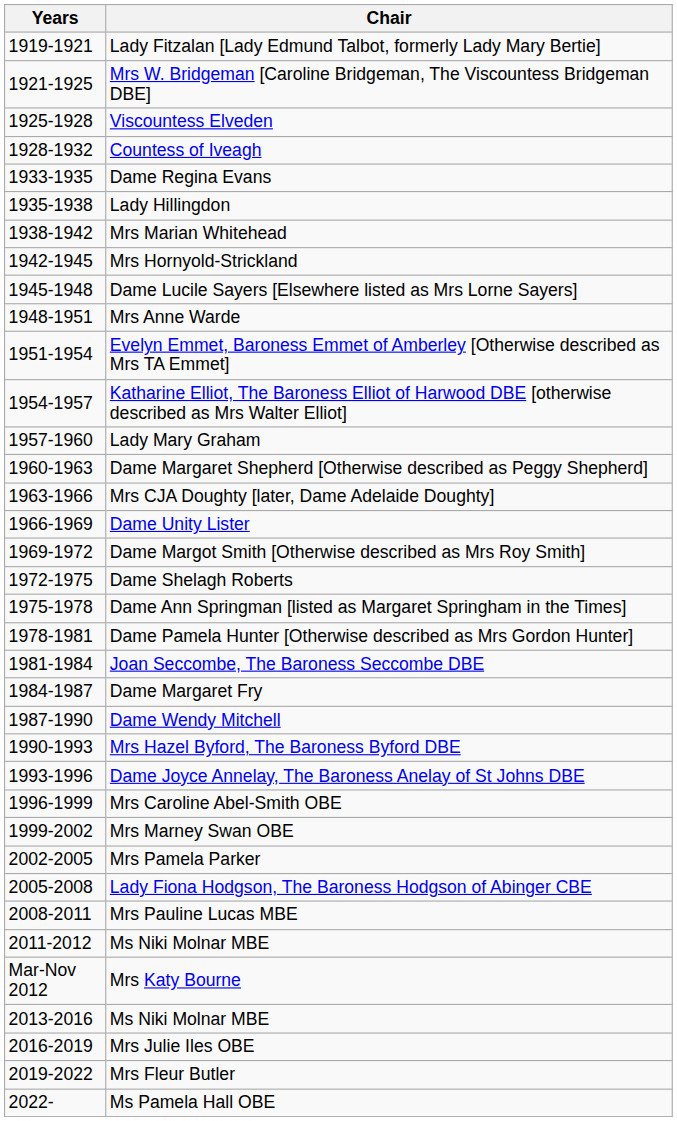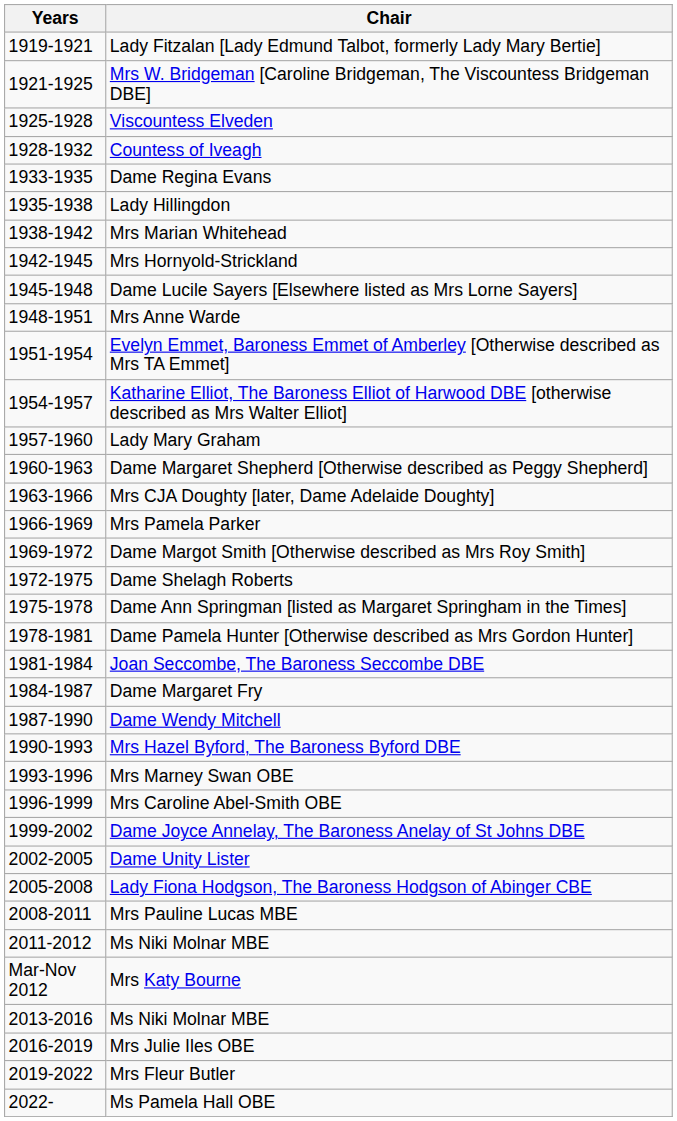 <table class="wikitable">
 <tr>
 <th>Years</th>
 <th>Chair</th>
 </tr>
 <tr>
 <td>1919-1921</td>
 <td>Lady Fitzalan [Lady Edmund Talbot, formerly Lady Mary Bertie]</td>
 </tr>
 <tr>
 <td>1921-1925</td>
 <td><a href='#'>Mrs W. Bridgeman</a> [Caroline Bridgeman, The Viscountess Bridgeman DBE]</td>
 </tr>
 <tr>
 <td>1925-1928</td>
 <td><a href='#'>Viscountess Elveden</a></td>
 </tr>
 <tr>
 <td>1928-1932</td>
 <td><a href='#'>Countess of Iveagh</a></td>
 </tr>
 <tr>
 <td>1933-1935</td>
 <td>Dame Regina Evans</td>
 </tr>
 <tr>
 <td>1935-1938</td>
 <td>Lady Hillingdon</td>
 </tr>
 <tr>
 <td>1938-1942</td>
 <td>Mrs Marian Whitehead</td>
 </tr>
 <tr>
 <td>1942-1945</td>
 <td>Mrs Hornyold-Strickland</td>
 </tr>
 <tr>
 <td>1945-1948</td>
 <td>Dame Lucile Sayers [Elsewhere listed as Mrs Lorne Sayers]</td>
 </tr>
 <tr>
 <td>1948-1951</td>
 <td>Mrs Anne Warde</td>
 </tr>
 <tr>
 <td>1951-1954</td>
 <td><a href='#'>Evelyn Emmet, Baroness Emmet of Amberley</a> [Otherwise described as Mrs TA Emmet]</td>
 </tr>
 <tr>
 <td>1954-1957</td>
 <td><a href='#'>Katharine Elliot, The Baroness Elliot of Harwood DBE</a> [otherwise described as Mrs Walter Elliot]</td>
 </tr>
 <tr>
 <td>1957-1960</td>
 <td>Lady Mary Graham</td>
 </tr>
 <tr>
 <td>1960-1963</td>
 <td>Dame Margaret Shepherd [Otherwise described as Peggy Shepherd]</td>
 </tr>
 <tr>
 <td>1963-1966</td>
 <td>Mrs CJA Doughty [later, Dame Adelaide Doughty]</td>
 </tr>
 <tr>
 <td>1966-1969</td>
-<td><a href='#'>Dame Unity Lister</a></td>
+<td>Mrs Pamela Parker</td>
 </tr>
 <tr>
 <td>1969-1972</td>
 <td>Dame Margot Smith [Otherwise described as Mrs Roy Smith]</td>
 </tr>
 <tr>
 <td>1972-1975</td>
 <td>Dame Shelagh Roberts</td>
 </tr>
 <tr>
 <td>1975-1978</td>
 <td>Dame Ann Springman [listed as Margaret Springham in the Times]</td>
 </tr>
 <tr>
 <td>1978-1981</td>
 <td>Dame Pamela Hunter [Otherwise described as Mrs Gordon Hunter]</td>
 </tr>
 <tr>
 <td>1981-1984</td>
 <td><a href='#'>Joan Seccombe, The Baroness Seccombe DBE</a></td>
 </tr>
 <tr>
 <td>1984-1987</td>
 <td>Dame Margaret Fry</td>
 </tr>
 <tr>
 <td>1987-1990</td>
 <td><a href='#'>Dame Wendy Mitchell</a></td>
 </tr>
 <tr>
 <td>1990-1993</td>
 <td><a href='#'>Mrs Hazel Byford, The Baroness Byford DBE</a></td>
 </tr>
 <tr>
 <td>1993-1996</td>
-<td><a href='#'>Dame Joyce Annelay, The Baroness Anelay of St Johns DBE</a></td>
+<td>Mrs Marney Swan OBE</td>
 </tr>
 <tr>
 <td>1996-1999</td>
 <td>Mrs Caroline Abel-Smith OBE</td>
 </tr>
 <tr>
 <td>1999-2002</td>
-<td>Mrs Marney Swan OBE</td>
+<td><a href='#'>Dame Joyce Annelay, The Baroness Anelay of St Johns DBE</a></td>
 </tr>
 <tr>
 <td>2002-2005</td>
-<td>Mrs Pamela Parker</td>
+<td><a href='#'>Dame Unity Lister</a></td>
 </tr>
 <tr>
 <td>2005-2008</td>
 <td><a href='#'>Lady Fiona Hodgson, The Baroness Hodgson of Abinger CBE</a></td>
 </tr>
 <tr>
 <td>2008-2011</td>
 <td>Mrs Pauline Lucas MBE</td>
 </tr>
 <tr>
 <td>2011-2012</td>
 <td>Ms Niki Molnar MBE</td>
 </tr>
 <tr>
 <td>Mar-Nov 2012</td>
 <td>Mrs <a href='#'>Katy Bourne</a></td>
 </tr>
 <tr>
 <td>2013-2016</td>
 <td>Ms Niki Molnar MBE</td>
 </tr>
 <tr>
 <td>2016-2019</td>
 <td>Mrs Julie Iles OBE</td>
 </tr>
 <tr>
 <td>2019-2022</td>
 <td>Mrs Fleur Butler</td>
 </tr>
 <tr>
 <td>2022-</td>
 <td>Ms Pamela Hall OBE</td>
 </tr>
 </table>
